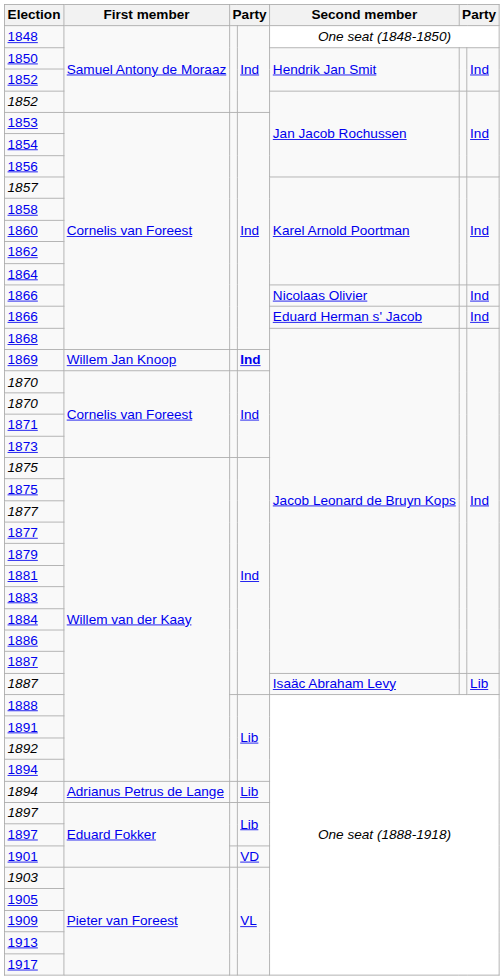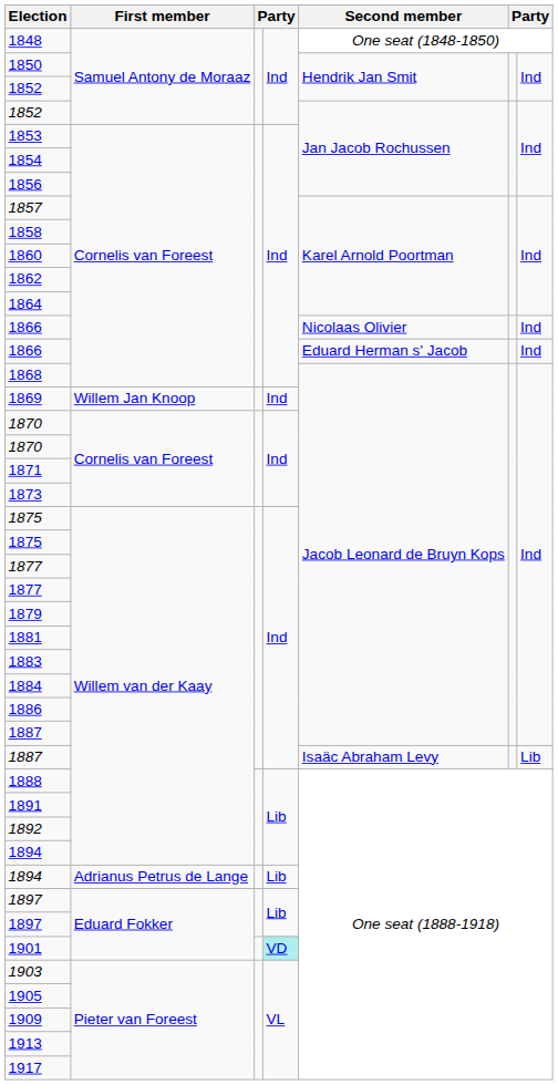 <table class="wikitable">
 <tr>
 <th>Election</th>
 <th>First member</th>
 <th colspan="2">Party</th>
 <th>Second member</th>
 <th colspan="2">Party</th>
 </tr>
 <tr>
 <td><a href='#'>1848</a></td>
 <td rowspan=4><a href='#'>Samuel Antony de Moraaz</a></td>
 <td rowspan=4 style="background-color:"></td>
 <td rowspan=4><a href='#'>Ind</a></td>
 <td colspan=3 style="background-color:white; text-align:center"><em>One seat (1848-1850)</em></td>
 </tr>
 <tr>
 <td><a href='#'>1850</a></td>
 <td rowspan=2><a href='#'>Hendrik Jan Smit</a></td>
 <td rowspan=2 style="background-color:"></td>
 <td rowspan=2><a href='#'>Ind</a></td>
 </tr>
 <tr>
 <td><a href='#'>1852</a></td>
 </tr>
 <tr>
 <td><em>1852</em></td>
 <td rowspan=4><a href='#'>Jan Jacob Rochussen</a></td>
 <td rowspan=4 style="background-color:"></td>
 <td rowspan=4><a href='#'>Ind</a></td>
 </tr>
 <tr>
 <td><a href='#'>1853</a></td>
 <td rowspan=11><a href='#'>Cornelis van Foreest</a></td>
 <td rowspan=11 style="background-color:"></td>
 <td rowspan=11><a href='#'>Ind</a></td>
 </tr>
 <tr>
 <td><a href='#'>1854</a></td>
 </tr>
 <tr>
 <td><a href='#'>1856</a></td>
 </tr>
 <tr>
 <td><em>1857</em></td>
 <td rowspan=5><a href='#'>Karel Arnold Poortman</a></td>
 <td rowspan=5 style="background-color:"></td>
 <td rowspan=5><a href='#'>Ind</a></td>
 </tr>
 <tr>
 <td><a href='#'>1858</a></td>
 </tr>
 <tr>
 <td><a href='#'>1860</a></td>
 </tr>
 <tr>
 <td><a href='#'>1862</a></td>
 </tr>
 <tr>
 <td><a href='#'>1864</a></td>
 </tr>
 <tr>
 <td><a href='#'>1866</a></td>
 <td><a href='#'>Nicolaas Olivier</a></td>
 <td style="background-color:"></td>
 <td><a href='#'>Ind</a></td>
 </tr>
 <tr>
 <td><a href='#'>1866</a></td>
 <td><a href='#'>Eduard Herman s' Jacob</a></td>
 <td style="background-color:"></td>
 <td><a href='#'>Ind</a></td>
 </tr>
 <tr>
 <td><a href='#'>1868</a></td>
 <td rowspan=16><a href='#'>Jacob Leonard de Bruyn Kops</a></td>
 <td rowspan=16 style="background-color:"></td>
 <td rowspan=16><a href='#'>Ind</a></td>
 </tr>
 <tr>
 <td><a href='#'>1869</a></td>
 <td><a href='#'>Willem Jan Knoop</a></td>
 <td style="background-color:"></td>
-<td><strong><a href='#'>Ind</a></strong></td>
+<td><a href='#'>Ind</a></td>
 </tr>
 <tr>
 <td><em>1870</em></td>
 <td rowspan=4><a href='#'>Cornelis van Foreest</a></td>
 <td rowspan=4 style="background-color:"></td>
 <td rowspan=4><a href='#'>Ind</a></td>
 </tr>
 <tr>
 <td><em>1870</em></td>
 </tr>
 <tr>
 <td><a href='#'>1871</a></td>
 </tr>
 <tr>
 <td><a href='#'>1873</a></td>
 </tr>
 <tr>
 <td><em>1875</em></td>
 <td rowspan=15><a href='#'>Willem van der Kaay</a></td>
 <td rowspan=11 style="background-color:"></td>
 <td rowspan=11><a href='#'>Ind</a></td>
 </tr>
 <tr>
 <td><a href='#'>1875</a></td>
 </tr>
 <tr>
 <td><em>1877</em></td>
 </tr>
 <tr>
 <td><a href='#'>1877</a></td>
 </tr>
 <tr>
 <td><a href='#'>1879</a></td>
 </tr>
 <tr>
 <td><a href='#'>1881</a></td>
 </tr>
 <tr>
 <td><a href='#'>1883</a></td>
 </tr>
 <tr>
 <td><a href='#'>1884</a></td>
 </tr>
 <tr>
 <td><a href='#'>1886</a></td>
 </tr>
 <tr>
 <td><a href='#'>1887</a></td>
 </tr>
 <tr>
 <td><em>1887</em></td>
 <td><a href='#'>Isaäc Abraham Levy</a></td>
 <td style="background-color:"></td>
 <td><a href='#'>Lib</a></td>
 </tr>
 <tr>
 <td><a href='#'>1888</a></td>
 <td rowspan=4 style="background-color:"></td>
 <td rowspan=4><a href='#'>Lib</a></td>
 <td rowspan=13 colspan=3 style="background-color:white; text-align:center"><em>One seat (1888-1918)</em></td>
 </tr>
 <tr>
 <td><a href='#'>1891</a></td>
 </tr>
 <tr>
 <td><em>1892</em></td>
 </tr>
 <tr>
 <td><a href='#'>1894</a></td>
 </tr>
 <tr>
 <td><em>1894</em></td>
 <td><a href='#'>Adrianus Petrus de Lange</a></td>
 <td style="background-color:"></td>
 <td><a href='#'>Lib</a></td>
 </tr>
 <tr>
 <td><em>1897</em></td>
 <td rowspan=3><a href='#'>Eduard Fokker</a></td>
 <td rowspan=2 style="background-color:"></td>
 <td rowspan=2><a href='#'>Lib</a></td>
 </tr>
 <tr>
 <td><a href='#'>1897</a></td>
 </tr>
 <tr>
 <td><a href='#'>1901</a></td>
 <td style="background-color:"></td>
-<td><a href='#'>VD</a></td>
+<td style="background: paleturquoise;"><a href='#'>VD</a></td>
 </tr>
 <tr>
 <td><em>1903</em></td>
 <td rowspan=5><a href='#'>Pieter van Foreest</a></td>
 <td rowspan=5 style="background-color:"></td>
 <td rowspan=5><a href='#'>VL</a></td>
 </tr>
 <tr>
 <td><a href='#'>1905</a></td>
 </tr>
 <tr>
 <td><a href='#'>1909</a></td>
 </tr>
 <tr>
 <td><a href='#'>1913</a></td>
 </tr>
 <tr>
 <td><a href='#'>1917</a></td>
 </tr>
 </table>
